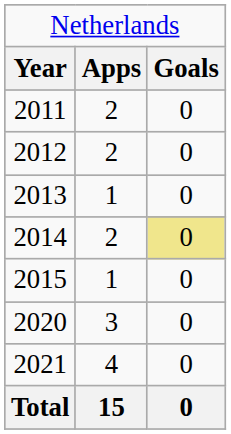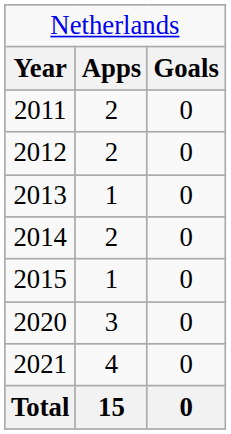 <table class="wikitable" style="text-align:center">
 <tr>
 <td colspan=4><a href='#'>Netherlands</a></td>
 </tr>
 <tr>
 <th>Year</th>
 <th>Apps</th>
 <th>Goals</th>
 </tr>
 <tr>
 <td>2011</td>
 <td>2</td>
 <td>0</td>
 </tr>
 <tr>
 <td>2012</td>
 <td>2</td>
 <td>0</td>
 </tr>
 <tr>
 <td>2013</td>
 <td>1</td>
 <td>0</td>
 </tr>
 <tr>
 <td>2014</td>
 <td>2</td>
-<td style="background: khaki;">0</td>
+<td>0</td>
 </tr>
 <tr>
 <td>2015</td>
 <td>1</td>
 <td>0</td>
 </tr>
 <tr>
 <td>2020</td>
 <td>3</td>
 <td>0</td>
 </tr>
 <tr>
 <td>2021</td>
 <td>4</td>
 <td>0</td>
 </tr>
 <tr>
 <th>Total</th>
 <th>15</th>
 <th>0</th>
 </tr>
 </table>
